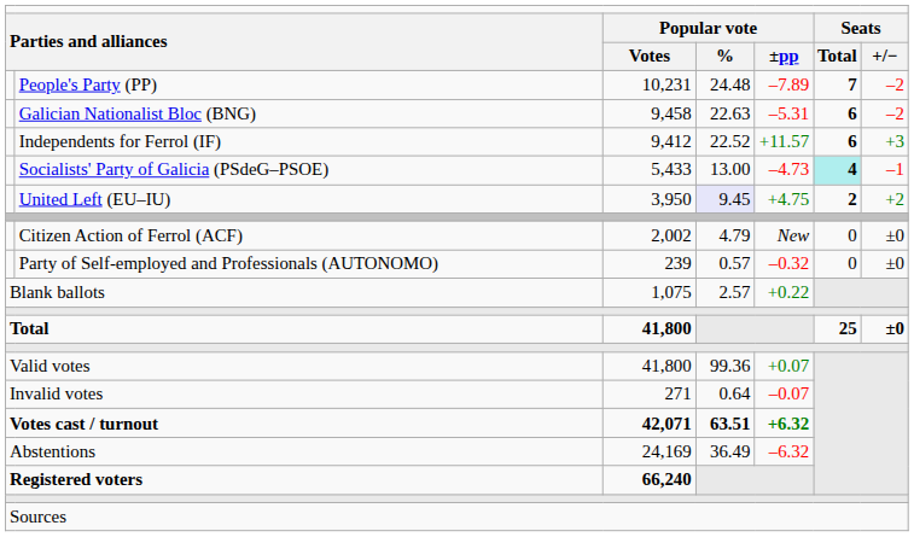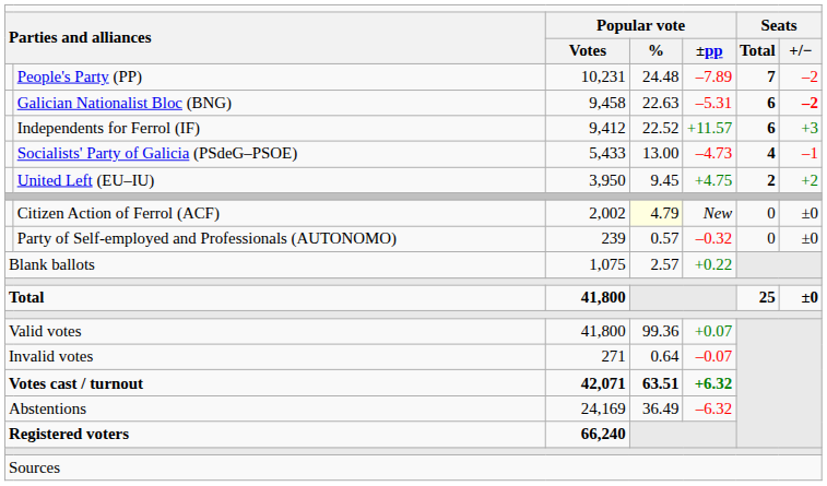 <table class="wikitable" style="text-align:right;">
 <tr>
 <td colspan="7"></td>
 </tr>
 <tr>
 <th style="text-align:left;" rowspan="2" colspan="2" width="525">Parties and alliances</th>
 <th colspan="3">Popular vote</th>
 <th colspan="2">Seats</th>
 </tr>
 <tr>
 <th width="75">Votes</th>
 <th width="45">%</th>
 <th width="45">±<a href='#'>pp</a></th>
 <th width="35">Total</th>
 <th width="35">+/−</th>
 </tr>
 <tr>
 <td width="1" style="color:inherit;background:"></td>
 <td align="left"><a href='#'>People's Party</a> (PP)</td>
 <td>10,231</td>
 <td>24.48</td>
 <td style="color:red;">–7.89</td>
 <td><strong>7</strong></td>
 <td style="color:red;">–2</td>
 </tr>
 <tr>
 <td style="color:inherit;background:"></td>
 <td align="left"><a href='#'>Galician Nationalist Bloc</a> (BNG)</td>
 <td>9,458</td>
 <td>22.63</td>
 <td style="color:red;">–5.31</td>
 <td><strong>6</strong></td>
-<td style="color:red;">–2</td>
+<td style="color:red;"><strong>–2</strong></td>
 </tr>
 <tr>
 <td style="color:inherit;background:"></td>
 <td align="left">Independents for Ferrol (IF)</td>
 <td>9,412</td>
 <td>22.52</td>
 <td style="color:green;">+11.57</td>
 <td><strong>6</strong></td>
 <td style="color:green;">+3</td>
 </tr>
 <tr>
 <td style="color:inherit;background:"></td>
 <td align="left"><a href='#'>Socialists' Party of Galicia</a> (PSdeG–PSOE)</td>
 <td>5,433</td>
 <td>13.00</td>
 <td style="color:red;">–4.73</td>
-<td style="background: paleturquoise;"><strong>4</strong></td>
+<td><strong>4</strong></td>
 <td style="color:red;">–1</td>
 </tr>
 <tr>
 <td style="color:inherit;background:"></td>
 <td align="left"><a href='#'>United Left</a> (EU–IU)</td>
 <td>3,950</td>
-<td style="background: lavender;">9.45</td>
+<td>9.45</td>
 <td style="color:green;">+4.75</td>
 <td><strong>2</strong></td>
 <td style="color:green;">+2</td>
 </tr>
 <tr>
 <td colspan="7" bgcolor="#C0C0C0"></td>
 </tr>
 <tr>
 <td style="color:inherit;background:"></td>
 <td align="left">Citizen Action of Ferrol (ACF)</td>
 <td>2,002</td>
-<td>4.79</td>
+<td style="background: lightyellow;">4.79</td>
 <td><em>New</em></td>
 <td>0</td>
 <td>±0</td>
 </tr>
 <tr>
 <td style="color:inherit;background:"></td>
 <td align="left">Party of Self-employed and Professionals (AUTONOMO)</td>
 <td>239</td>
 <td>0.57</td>
 <td style="color:red;">–0.32</td>
 <td>0</td>
 <td>±0</td>
 </tr>
 <tr>
 <td align="left" colspan="2">Blank ballots</td>
 <td>1,075</td>
 <td>2.57</td>
 <td style="color:green;">+0.22</td>
 <td bgcolor="#E9E9E9" colspan="2"></td>
 </tr>
 <tr>
 <td colspan="7" bgcolor="#E9E9E9"></td>
 </tr>
 <tr style="font-weight:bold;">
 <td align="left" colspan="2">Total</td>
 <td>41,800</td>
 <td bgcolor="#E9E9E9" colspan="2"></td>
 <td>25</td>
 <td>±0</td>
 </tr>
 <tr>
 <td colspan="7" bgcolor="#E9E9E9"></td>
 </tr>
 <tr>
 <td align="left" colspan="2">Valid votes</td>
 <td>41,800</td>
 <td>99.36</td>
 <td style="color:green;">+0.07</td>
 <td bgcolor="#E9E9E9" colspan="2" rowspan="5"></td>
 </tr>
 <tr>
 <td align="left" colspan="2">Invalid votes</td>
 <td>271</td>
 <td>0.64</td>
 <td style="color:red;">–0.07</td>
 </tr>
 <tr style="font-weight:bold;">
 <td align="left" colspan="2">Votes cast / turnout</td>
 <td>42,071</td>
 <td>63.51</td>
 <td style="color:green;">+6.32</td>
 </tr>
 <tr>
 <td align="left" colspan="2">Abstentions</td>
 <td>24,169</td>
 <td>36.49</td>
 <td style="color:red;">–6.32</td>
 </tr>
 <tr style="font-weight:bold;">
 <td align="left" colspan="2">Registered voters</td>
 <td>66,240</td>
 <td bgcolor="#E9E9E9" colspan="2"></td>
 </tr>
 <tr>
 <td colspan="7" bgcolor="#E9E9E9"></td>
 </tr>
 <tr>
 <td align="left" colspan="7">Sources</td>
 </tr>
 </table>
